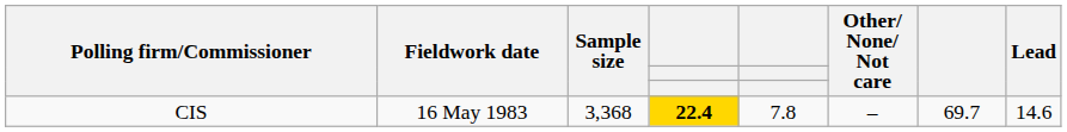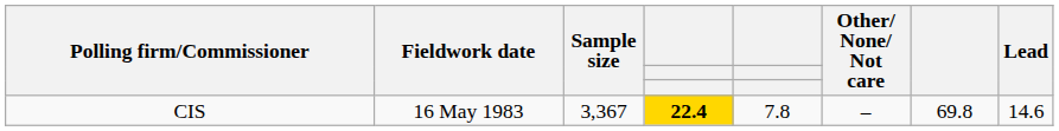 <table class="wikitable collapsible collapsed" style="text-align:center; font-size:90%; line-height:14px;">
 <tr style="height:42px;">
 <th style="width:250px;" rowspan="3">Polling firm/Commissioner</th>
 <th style="width:125px;" rowspan="3">Fieldwork date</th>
 <th style="width:50px;" rowspan="3">Sample size</th>
 <th style="width:55px;"></th>
 <th style="width:55px;"></th>
 <th style="width:55px;" rowspan="3">Other/<br>None/<br>Not<br>care</th>
 <th style="width:55px;" rowspan="3"></th>
 <th style="width:30px;" rowspan="3">Lead</th>
 </tr>
 <tr>
 <th style="color:inherit;background:"></th>
 <th style="color:inherit;background:"></th>
 </tr>
 <tr>
 <th></th>
 <th></th>
 </tr>
 <tr>
 <td>CIS</td>
 <td>16 May 1983</td>
-<td>3,368</td>
+<td>3,367</td>
 <td style="background: gold;"><strong>22.4</strong></td>
 <td>7.8</td>
 <td>–</td>
-<td>69.7</td>
+<td>69.8</td>
 <td style="background:">14.6</td>
 </tr>
 </table>
